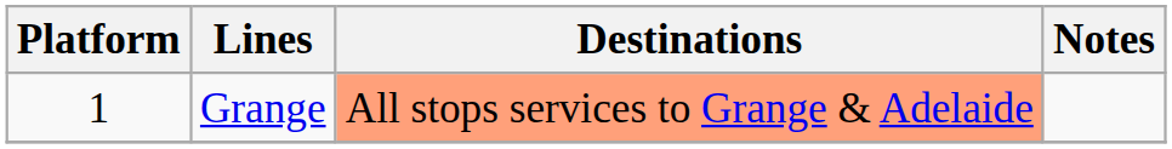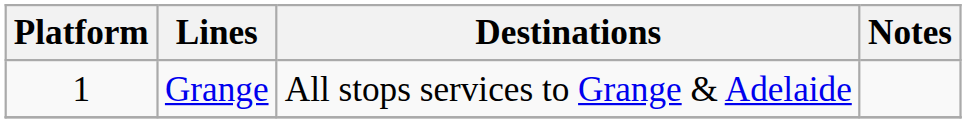 <table class="wikitable" style="float: none; margin: 0.5em; ">
 <tr>
 <th>Platform</th>
 <th>Lines</th>
 <th>Destinations</th>
 <th>Notes</th>
 </tr>
 <tr>
 <td rowspan="1" style="text-align:center;">1</td>
 <td style="background:#"><a href='#'><span>Grange</span></a></td>
-<td style="background: lightsalmon;">All stops services to <a href='#'>Grange</a> & <a href='#'>Adelaide</a></td>
+<td>All stops services to <a href='#'>Grange</a> & <a href='#'>Adelaide</a></td>
 <td></td>
 </tr>
 <tr>
 </tr>
 </table>
